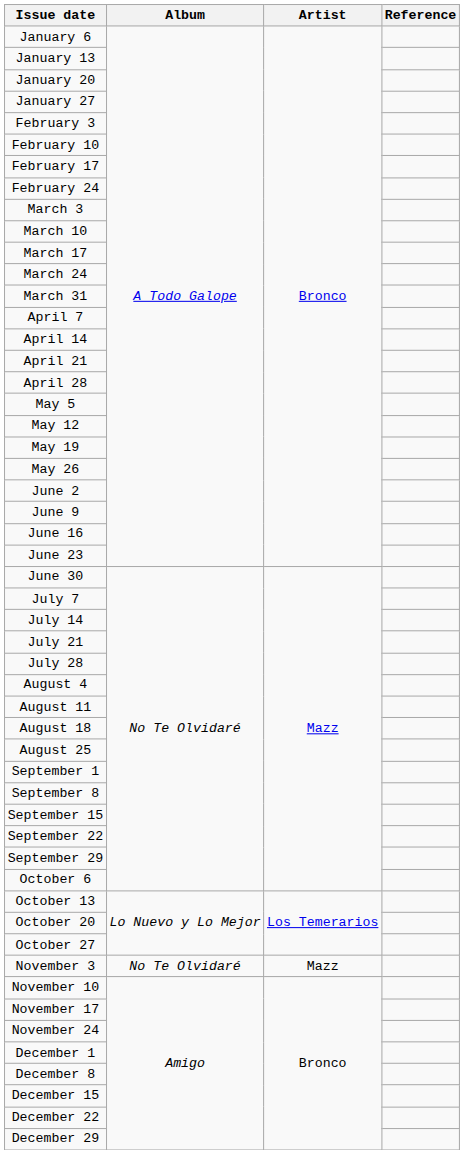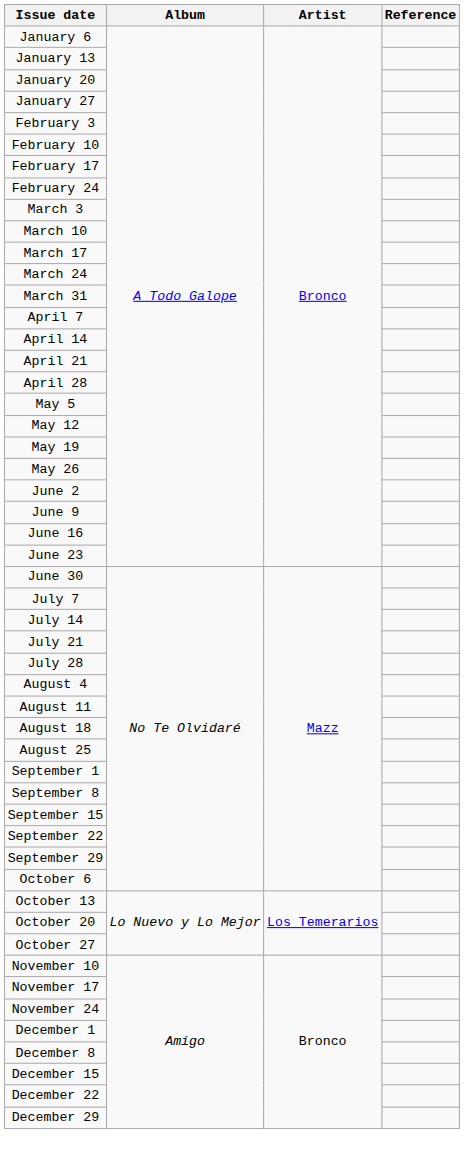 <table class="wikitable" style="text-align: center">
 <tr>
 <th>Issue date</th>
 <th>Album</th>
 <th>Artist</th>
 <th class="unsortable">Reference</th>
 </tr>
 <tr>
 <td>January 6</td>
 <td rowspan=25><em><a href='#'>A Todo Galope</a></em></td>
 <td rowspan=25><a href='#'>Bronco</a></td>
 <td></td>
 </tr>
 <tr>
 <td>January 13</td>
 <td></td>
 </tr>
 <tr>
 <td>January 20</td>
 <td></td>
 </tr>
 <tr>
 <td>January 27</td>
 <td></td>
 </tr>
 <tr>
 <td>February 3</td>
 <td></td>
 </tr>
 <tr>
 <td>February 10</td>
 <td></td>
 </tr>
 <tr>
 <td>February 17</td>
 <td></td>
 </tr>
 <tr>
 <td>February 24</td>
 <td></td>
 </tr>
 <tr>
 <td>March 3</td>
 <td></td>
 </tr>
 <tr>
 <td>March 10</td>
 <td></td>
 </tr>
 <tr>
 <td>March 17</td>
 <td></td>
 </tr>
 <tr>
 <td>March 24</td>
 <td></td>
 </tr>
 <tr>
 <td>March 31</td>
 <td></td>
 </tr>
 <tr>
 <td>April 7</td>
 <td></td>
 </tr>
 <tr>
 <td>April 14</td>
 <td></td>
 </tr>
 <tr>
 <td>April 21</td>
 <td></td>
 </tr>
 <tr>
 <td>April 28</td>
 <td></td>
 </tr>
 <tr>
 <td>May 5</td>
 <td></td>
 </tr>
 <tr>
 <td>May 12</td>
 <td></td>
 </tr>
 <tr>
 <td>May 19</td>
 <td></td>
 </tr>
 <tr>
 <td>May 26</td>
 <td></td>
 </tr>
 <tr>
 <td>June 2</td>
 <td></td>
 </tr>
 <tr>
 <td>June 9</td>
 <td></td>
 </tr>
 <tr>
 <td>June 16</td>
 <td></td>
 </tr>
 <tr>
 <td>June 23</td>
 <td></td>
 </tr>
 <tr>
 <td>June 30</td>
 <td rowspan=15><em>No Te Olvidaré</em></td>
 <td rowspan=15><a href='#'>Mazz</a></td>
 <td></td>
 </tr>
 <tr>
 <td>July 7</td>
 <td></td>
 </tr>
 <tr>
 <td>July 14</td>
 <td></td>
 </tr>
 <tr>
 <td>July 21</td>
 <td></td>
 </tr>
 <tr>
 <td>July 28</td>
 <td></td>
 </tr>
 <tr>
 <td>August 4</td>
 <td></td>
 </tr>
 <tr>
 <td>August 11</td>
 <td></td>
 </tr>
 <tr>
 <td>August 18</td>
 <td></td>
 </tr>
 <tr>
 <td>August 25</td>
 <td></td>
 </tr>
 <tr>
 <td>September 1</td>
 <td></td>
 </tr>
 <tr>
 <td>September 8</td>
 <td></td>
 </tr>
 <tr>
 <td>September 15</td>
 <td></td>
 </tr>
 <tr>
 <td>September 22</td>
 <td></td>
 </tr>
 <tr>
 <td>September 29</td>
 <td></td>
 </tr>
 <tr>
 <td>October 6</td>
 <td></td>
 </tr>
 <tr>
 <td>October 13</td>
 <td rowspan=3><em>Lo Nuevo y Lo Mejor</em></td>
 <td rowspan=3><a href='#'>Los Temerarios</a></td>
 <td></td>
 </tr>
 <tr>
 <td>October 20</td>
 <td></td>
 </tr>
 <tr>
 <td>October 27</td>
 <td></td>
 </tr>
 <tr>
-<td>November 3</td>
-<td><em>No Te Olvidaré</em></td>
-<td>Mazz</td>
-<td></td>
-</tr>
-<tr>
 <td>November 10</td>
 <td rowspan=8><em>Amigo</em></td>
 <td rowspan=8>Bronco</td>
 <td></td>
 </tr>
 <tr>
 <td>November 17</td>
 <td></td>
 </tr>
 <tr>
 <td>November 24</td>
 <td></td>
 </tr>
 <tr>
 <td>December 1</td>
 <td></td>
 </tr>
 <tr>
 <td>December 8</td>
 <td></td>
 </tr>
 <tr>
 <td>December 15</td>
 <td></td>
 </tr>
 <tr>
 <td>December 22</td>
 <td></td>
 </tr>
 <tr>
 <td>December 29</td>
 <td></td>
 </tr>
 </table>
